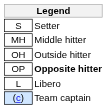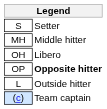 <table class="toccolours" style="float: right; font-size: 90%; white-space: nowrap; valign: middle;">
 <tr>
 <th colspan="6" style="background-color: #F2F2F2; border: 1px solid #AAAAAA;">Legend</th>
 </tr>
 <tr>
 <td style="border: 1px solid black;" align=center>  S  </td>
 <td>Setter</td>
 </tr>
 <tr>
 <td style="border: 1px solid black;" align=center>  MH  </td>
 <td>Middle hitter</td>
 </tr>
 <tr>
 <td style="border: 1px solid black;" align=center>  OH  </td>
-<td>Outside hitter</td>
+<td>Libero</td>
 </tr>
 <tr>
 <td style="border: 1px solid black;" align=center>  OP  </td>
 <td><strong>Opposite hitter</strong></td>
 </tr>
 <tr>
 <td style="border: 1px solid black;" align=center>  L  </td>
-<td>Libero</td>
+<td>Outside hitter</td>
 </tr>
 <tr>
 <td style="background: #D0E6FF; border: 1px solid black" align=center> (<a href='#'>c</a>) </td>
 <td>Team captain</td>
 </tr>
 <tr>
 </tr>
 </table>
